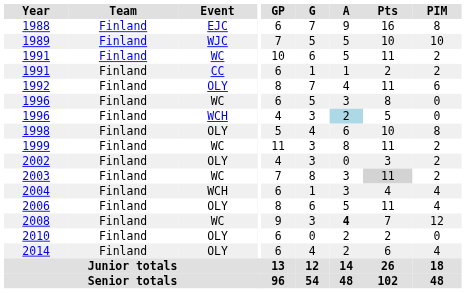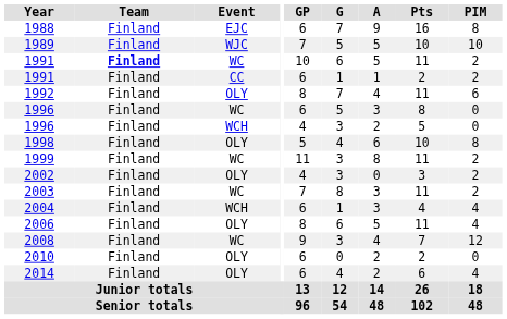 <table border="0" cellpadding="1" cellspacing="0" ID="Table3" style="text-align:center; width:40em">
 <tr bgcolor="#e0e0e0">
 <th>Year</th>
 <th>Team</th>
 <th>Event</th>
 <th rowspan="102" bgcolor="#ffffff"></th>
 <th>GP</th>
 <th>G</th>
 <th>A</th>
 <th>Pts</th>
 <th>PIM</th>
 </tr>
 <tr>
 <td><a href='#'>1988</a></td>
 <td><a href='#'>Finland</a></td>
 <td><a href='#'>EJC</a></td>
 <td>6</td>
 <td>7</td>
 <td>9</td>
 <td>16</td>
 <td>8</td>
 </tr>
 <tr bgcolor="#f0f0f0">
 <td><a href='#'>1989</a></td>
 <td><a href='#'>Finland</a></td>
 <td><a href='#'>WJC</a></td>
 <td>7</td>
 <td>5</td>
 <td>5</td>
 <td>10</td>
 <td>10</td>
 </tr>
 <tr>
 <td><a href='#'>1991</a></td>
-<td><a href='#'>Finland</a></td>
+<td><strong><a href='#'>Finland</a></strong></td>
 <td><a href='#'>WC</a></td>
 <td>10</td>
 <td>6</td>
 <td>5</td>
 <td>11</td>
 <td>2</td>
 </tr>
 <tr bgcolor="#f0f0f0">
 <td><a href='#'>1991</a></td>
 <td>Finland</td>
 <td><a href='#'>CC</a></td>
 <td>6</td>
 <td>1</td>
 <td>1</td>
 <td>2</td>
 <td>2</td>
 </tr>
 <tr>
 <td><a href='#'>1992</a></td>
 <td>Finland</td>
 <td><a href='#'>OLY</a></td>
 <td>8</td>
 <td>7</td>
 <td>4</td>
 <td>11</td>
 <td>6</td>
 </tr>
 <tr bgcolor="#f0f0f0">
 <td><a href='#'>1996</a></td>
 <td>Finland</td>
 <td>WC</td>
 <td>6</td>
 <td>5</td>
 <td>3</td>
 <td>8</td>
 <td>0</td>
 </tr>
 <tr>
 <td><a href='#'>1996</a></td>
 <td>Finland</td>
 <td><a href='#'>WCH</a></td>
 <td>4</td>
 <td>3</td>
-<td style="background: lightblue;">2</td>
+<td>2</td>
 <td>5</td>
 <td>0</td>
 </tr>
 <tr bgcolor="#f0f0f0">
 <td><a href='#'>1998</a></td>
 <td>Finland</td>
 <td>OLY</td>
 <td>5</td>
 <td>4</td>
 <td>6</td>
 <td>10</td>
 <td>8</td>
 </tr>
 <tr>
 <td><a href='#'>1999</a></td>
 <td>Finland</td>
 <td>WC</td>
 <td>11</td>
 <td>3</td>
 <td>8</td>
 <td>11</td>
 <td>2</td>
 </tr>
 <tr bgcolor="#f0f0f0">
 <td><a href='#'>2002</a></td>
 <td>Finland</td>
 <td>OLY</td>
 <td>4</td>
 <td>3</td>
 <td>0</td>
 <td>3</td>
 <td>2</td>
 </tr>
 <tr>
 <td><a href='#'>2003</a></td>
 <td>Finland</td>
 <td>WC</td>
 <td>7</td>
 <td>8</td>
 <td>3</td>
-<td style="background: lightgrey;">11</td>
+<td>11</td>
 <td>2</td>
 </tr>
 <tr bgcolor="#f0f0f0">
 <td><a href='#'>2004</a></td>
 <td>Finland</td>
 <td>WCH</td>
 <td>6</td>
 <td>1</td>
 <td>3</td>
 <td>4</td>
 <td>4</td>
 </tr>
 <tr>
 <td><a href='#'>2006</a></td>
 <td>Finland</td>
 <td>OLY</td>
 <td>8</td>
 <td>6</td>
 <td>5</td>
 <td>11</td>
 <td>4</td>
 </tr>
 <tr bgcolor="#f0f0f0">
 <td><a href='#'>2008</a></td>
 <td>Finland</td>
 <td>WC</td>
 <td>9</td>
 <td>3</td>
-<td><strong>4</strong></td>
+<td>4</td>
 <td>7</td>
 <td>12</td>
 </tr>
 <tr>
 <td><a href='#'>2010</a></td>
 <td>Finland</td>
 <td>OLY</td>
 <td>6</td>
 <td>0</td>
 <td>2</td>
 <td>2</td>
 <td>0</td>
 </tr>
 <tr bgcolor="#f0f0f0">
 <td><a href='#'>2014</a></td>
 <td>Finland</td>
 <td>OLY</td>
 <td>6</td>
 <td>4</td>
 <td>2</td>
 <td>6</td>
 <td>4</td>
 </tr>
 <tr bgcolor="#e0e0e0">
 <th colspan="4">Junior totals</th>
 <th>13</th>
 <th>12</th>
 <th>14</th>
 <th>26</th>
 <th>18</th>
 </tr>
 <tr bgcolor="#e0e0e0">
 <th colspan="4">Senior totals</th>
 <th>96</th>
 <th>54</th>
 <th>48</th>
 <th>102</th>
 <th>48</th>
 </tr>
 </table>
